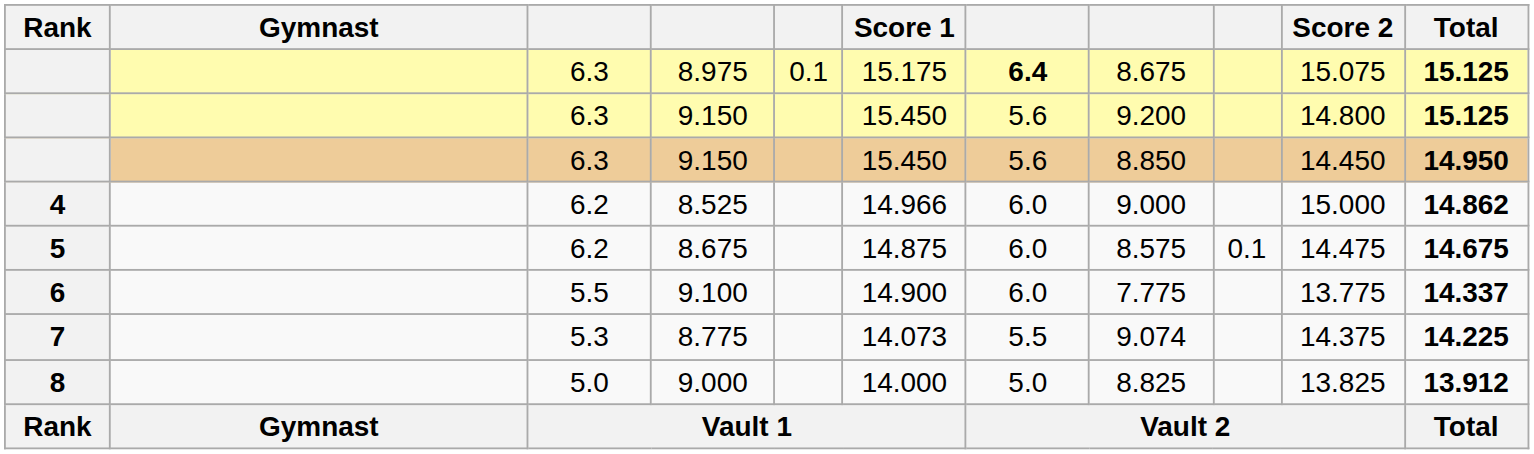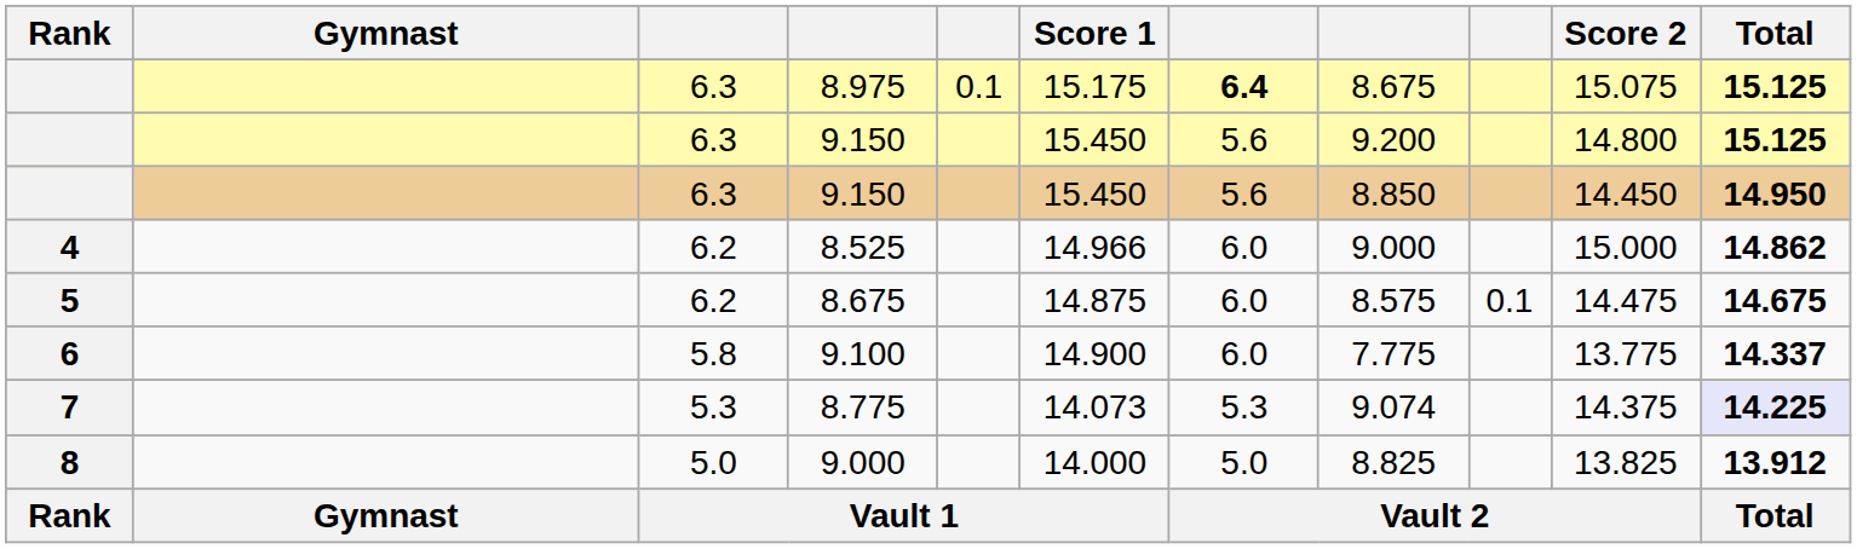 <table class="wikitable sortable" style="text-align:center; font-size:95%">
 <tr>
 <th scope="col" style="width:50px;">Rank</th>
 <th scope="col" style="width:220px;">Gymnast</th>
 <th scope="col" style="width:60px"></th>
 <th scope="col" style="width:60px;"></th>
 <th scope="col" style="width:30px;"></th>
 <th scope="col" style="width:60px;">Score 1</th>
 <th scope="col" style="width:60px"></th>
 <th scope="col" style="width:60px;"></th>
 <th scope="col" style="width:30px;"></th>
 <th scope="col" style="width:60px;">Score 2</th>
 <th scope="col" style="width:60px">Total</th>
 </tr>
 <tr style="background:#fffcaf;">
 <th scope=row style="text-align:center"></th>
 <td style="text-align:left;"></td>
 <td>6.3</td>
 <td>8.975</td>
 <td>0.1</td>
 <td>15.175</td>
 <td><strong>6.4</strong></td>
 <td>8.675</td>
 <td></td>
 <td>15.075</td>
 <td><strong>15.125</strong></td>
 </tr>
 <tr style="background:#fffcaf;">
 <th scope=row style="text-align:center"></th>
 <td style="text-align:left;"></td>
 <td>6.3</td>
 <td>9.150</td>
 <td></td>
 <td>15.450</td>
 <td>5.6</td>
 <td>9.200</td>
 <td></td>
 <td>14.800</td>
 <td><strong>15.125</strong></td>
 </tr>
 <tr style="background:#ec9;">
 <th scope=row style="text-align:center"></th>
 <td style="text-align:left;"></td>
 <td>6.3</td>
 <td>9.150</td>
 <td></td>
 <td>15.450</td>
 <td>5.6</td>
 <td>8.850</td>
 <td></td>
 <td>14.450</td>
 <td><strong>14.950</strong></td>
 </tr>
 <tr>
 <th scope=row style="text-align:center">4</th>
 <td style="text-align:left;"></td>
 <td>6.2</td>
 <td>8.525</td>
 <td></td>
 <td>14.966</td>
 <td>6.0</td>
 <td>9.000</td>
 <td></td>
 <td>15.000</td>
 <td><strong>14.862</strong></td>
 </tr>
 <tr>
 <th scope=row style="text-align:center">5</th>
 <td style="text-align:left;"></td>
 <td>6.2</td>
 <td>8.675</td>
 <td></td>
 <td>14.875</td>
 <td>6.0</td>
 <td>8.575</td>
 <td>0.1</td>
 <td>14.475</td>
 <td><strong>14.675</strong></td>
 </tr>
 <tr>
 <th scope=row style="text-align:center">6</th>
 <td style="text-align:left;"></td>
-<td>5.5</td>
+<td>5.8</td>
 <td>9.100</td>
 <td></td>
 <td>14.900</td>
 <td>6.0</td>
 <td>7.775</td>
 <td></td>
 <td>13.775</td>
 <td><strong>14.337</strong></td>
 </tr>
 <tr>
 <th scope=row style="text-align:center">7</th>
 <td style="text-align:left;"></td>
 <td>5.3</td>
 <td>8.775</td>
 <td></td>
 <td>14.073</td>
-<td>5.5</td>
+<td>5.3</td>
 <td>9.074</td>
 <td></td>
 <td>14.375</td>
-<td><strong>14.225</strong></td>
+<td style="background: lavender;"><strong>14.225</strong></td>
 </tr>
 <tr>
 <th scope=row style="text-align:center">8</th>
 <td style="text-align:left;"></td>
 <td>5.0</td>
 <td>9.000</td>
 <td></td>
 <td>14.000</td>
 <td>5.0</td>
 <td>8.825</td>
 <td></td>
 <td>13.825</td>
 <td><strong>13.912</strong></td>
 </tr>
 <tr class="sortbottom">
 <th scope=col>Rank</th>
 <th scope="col" style="width:210px;">Gymnast</th>
 <th scope=col colspan="4">Vault 1</th>
 <th scope=col colspan="4">Vault 2</th>
 <th scope=col>Total</th>
 </tr>
 </table>
